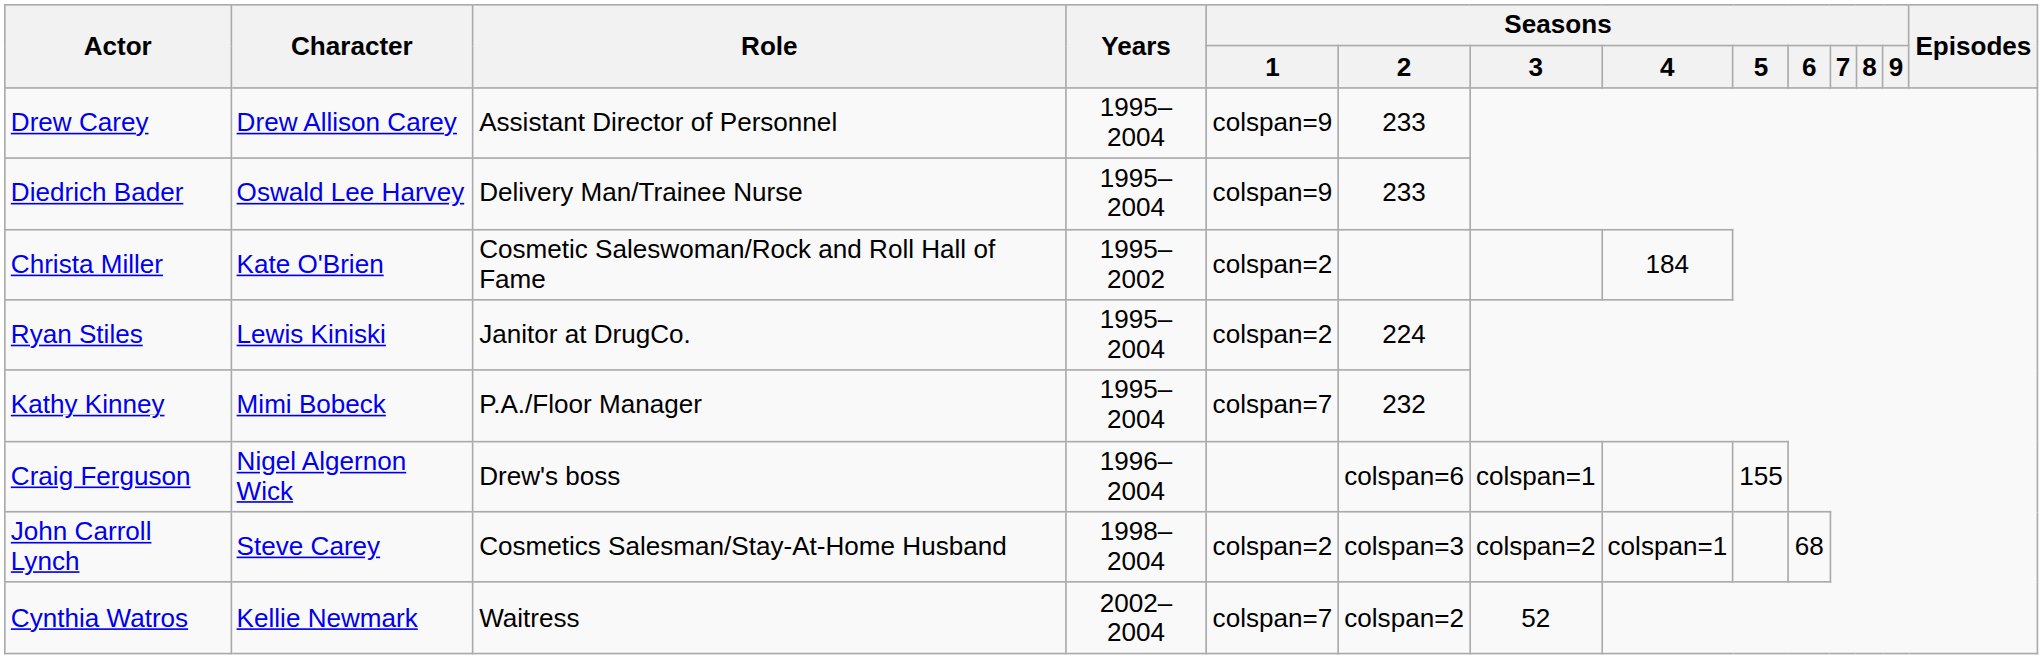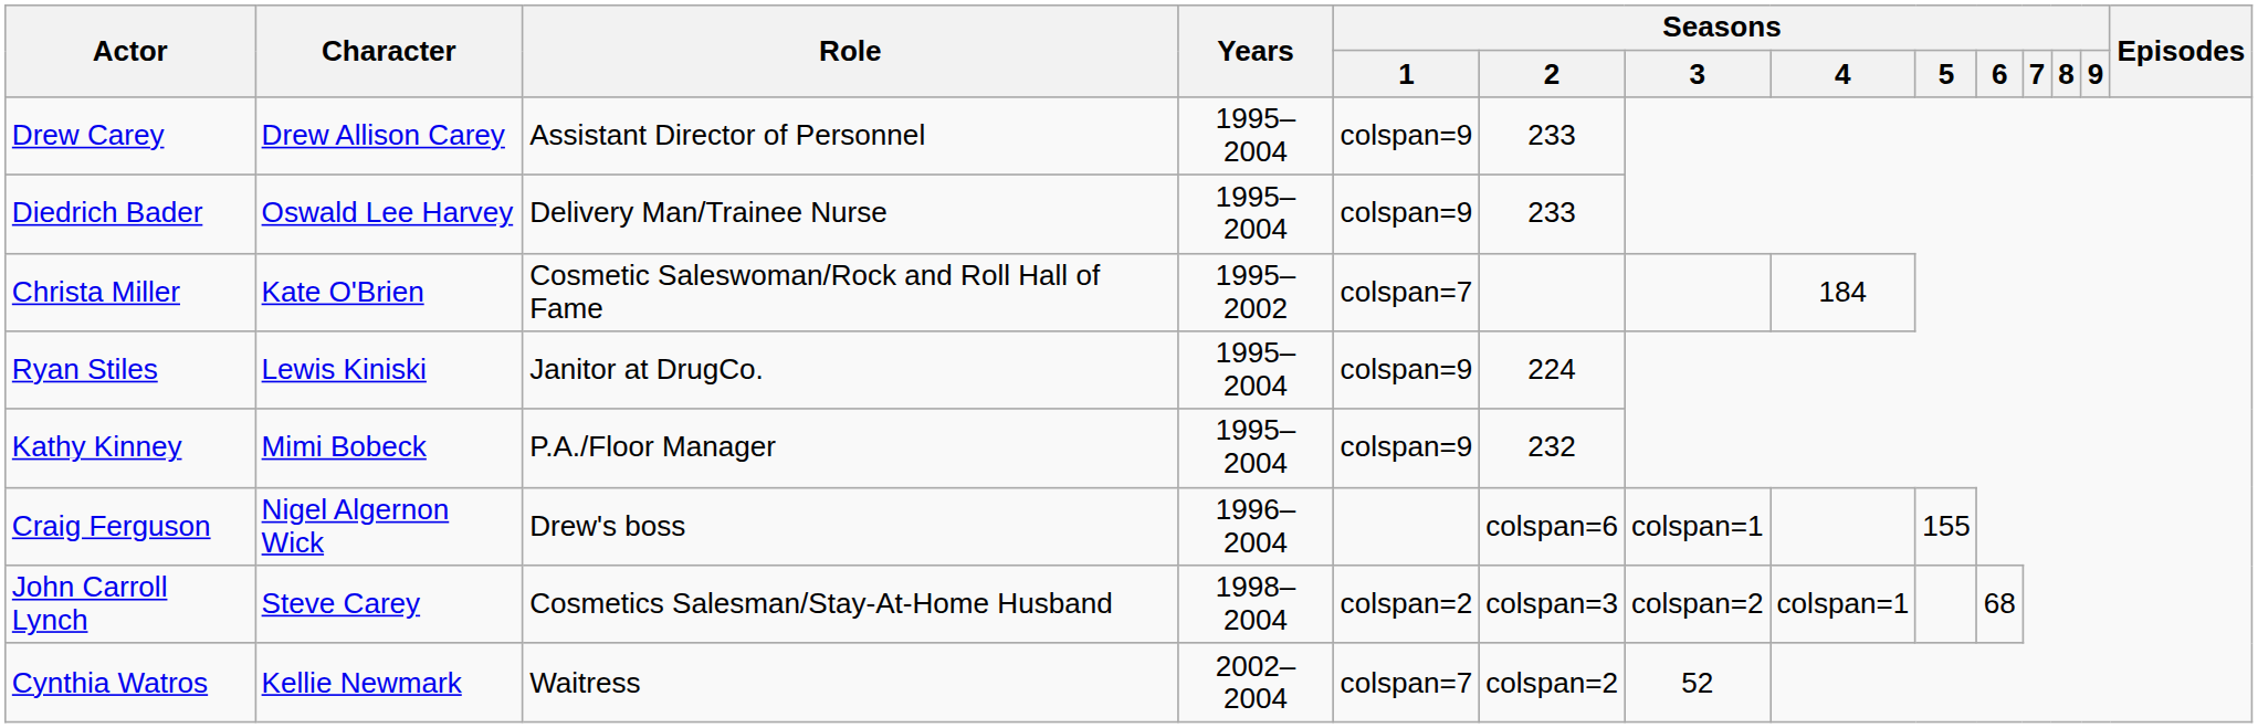 <table class="wikitable sortable">
 <tr>
 <th rowspan="2">Actor</th>
 <th rowspan="2">Character</th>
 <th rowspan="2">Role</th>
 <th rowspan="2">Years</th>
 <th colspan="9">Seasons</th>
 <th rowspan="2">Episodes</th>
 </tr>
 <tr>
 <th>1</th>
 <th>2</th>
 <th>3</th>
 <th>4</th>
 <th>5</th>
 <th>6</th>
 <th>7</th>
 <th>8</th>
 <th>9</th>
 </tr>
 <tr>
 <td><a href='#'>Drew Carey</a></td>
 <td><a href='#'>Drew Allison Carey</a></td>
 <td>Assistant Director of Personnel</td>
 <td rowspan="1" align="center">1995–2004</td>
 <td>colspan=9 </td>
 <td rowspan="1" align="center">233</td>
 </tr>
 <tr>
 <td><a href='#'>Diedrich Bader</a></td>
 <td><a href='#'>Oswald Lee Harvey</a></td>
 <td>Delivery Man/Trainee Nurse</td>
 <td rowspan="1" align="center">1995–2004</td>
 <td>colspan=9 </td>
 <td rowspan="1" align="center">233</td>
 </tr>
 <tr>
 <td><a href='#'>Christa Miller</a></td>
 <td><a href='#'>Kate O'Brien</a></td>
 <td>Cosmetic Saleswoman/Rock and Roll Hall of Fame</td>
 <td rowspan="1" align="center">1995–2002</td>
-<td>colspan=2 </td>
+<td>colspan=7 </td>
 <td> </td>
 <td></td>
 <td rowspan="1" align="center">184</td>
 </tr>
 <tr>
 <td><a href='#'>Ryan Stiles</a></td>
 <td><a href='#'>Lewis Kiniski</a></td>
 <td>Janitor at DrugCo.</td>
 <td rowspan="1" align="center">1995–2004</td>
-<td>colspan=2 </td>
+<td>colspan=9 </td>
 <td rowspan="1" align="center">224</td>
 </tr>
 <tr>
 <td><a href='#'>Kathy Kinney</a></td>
 <td><a href='#'>Mimi Bobeck</a></td>
 <td>P.A./Floor Manager</td>
 <td rowspan="1" align="center">1995–2004</td>
-<td>colspan=7 </td>
+<td>colspan=9 </td>
 <td rowspan="1" align="center">232</td>
 </tr>
 <tr>
 <td><a href='#'>Craig Ferguson</a></td>
 <td><a href='#'>Nigel Algernon Wick</a></td>
 <td>Drew's boss</td>
 <td rowspan="1" align="center">1996–2004</td>
 <td></td>
 <td>colspan=6 </td>
 <td>colspan=1  </td>
 <td></td>
 <td rowspan="1" align="center">155</td>
 </tr>
 <tr>
 <td><a href='#'>John Carroll Lynch</a></td>
 <td><a href='#'>Steve Carey</a></td>
 <td>Cosmetics Salesman/Stay-At-Home Husband</td>
 <td rowspan="1" align="center">1998–2004</td>
 <td>colspan=2 </td>
 <td>colspan=3 </td>
 <td>colspan=2 </td>
 <td>colspan=1  </td>
 <td></td>
 <td rowspan="1" align="center">68</td>
 </tr>
 <tr>
 <td><a href='#'>Cynthia Watros</a></td>
 <td><a href='#'>Kellie Newmark</a></td>
 <td>Waitress</td>
 <td rowspan="1" align="center">2002–2004</td>
 <td>colspan=7 </td>
 <td>colspan=2 </td>
 <td rowspan="1" align="center">52</td>
 </tr>
 </table>
